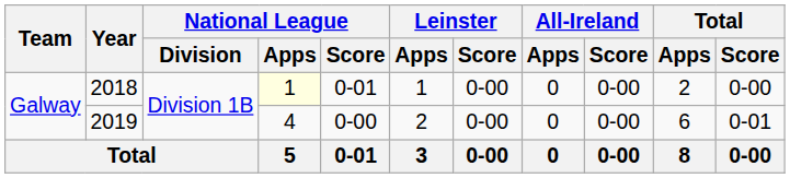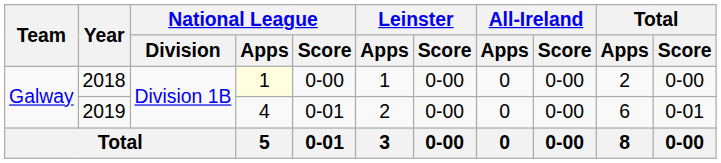 <table class="wikitable" style="text-align:center">
 <tr>
 <th rowspan="2">Team</th>
 <th rowspan="2">Year</th>
 <th colspan="3"><a href='#'>National League</a></th>
 <th colspan="2"><a href='#'>Leinster</a></th>
 <th colspan="2"><a href='#'>All-Ireland</a></th>
 <th colspan="2">Total</th>
 </tr>
 <tr>
 <th>Division</th>
 <th>Apps</th>
 <th>Score</th>
 <th>Apps</th>
 <th>Score</th>
 <th>Apps</th>
 <th>Score</th>
 <th>Apps</th>
 <th>Score</th>
 </tr>
 <tr>
 <td rowspan="2"><a href='#'>Galway</a></td>
 <td>2018</td>
 <td rowspan="2"><a href='#'>Division 1B</a></td>
 <td style="background: lightyellow;">1</td>
-<td>0-01</td>
+<td>0-00</td>
 <td>1</td>
 <td>0-00</td>
 <td>0</td>
 <td>0-00</td>
 <td>2</td>
 <td>0-00</td>
 </tr>
 <tr>
 <td>2019</td>
 <td>4</td>
-<td>0-00</td>
+<td>0-01</td>
 <td>2</td>
 <td>0-00</td>
 <td>0</td>
 <td>0-00</td>
 <td>6</td>
 <td>0-01</td>
 </tr>
 <tr>
 <th colspan="3">Total</th>
 <th>5</th>
 <th>0-01</th>
 <th>3</th>
 <th>0-00</th>
 <th>0</th>
 <th>0-00</th>
 <th>8</th>
 <th>0-00</th>
 </tr>
 </table>
